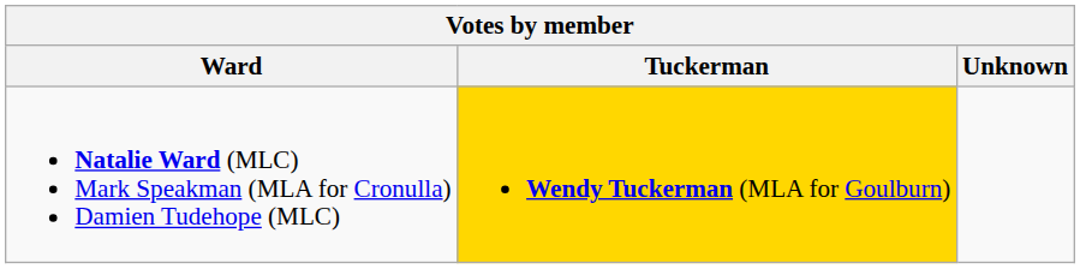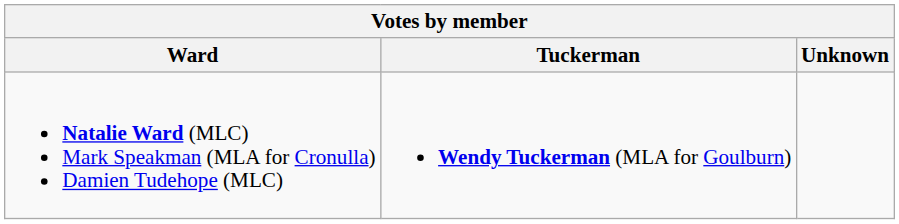 <table class="wikitable">
 <tr>
 <th colspan="3">Votes by member</th>
 </tr>
 <tr>
 <th>Ward</th>
 <th>Tuckerman</th>
 <th>Unknown</th>
 </tr>
 <tr>
 <td><br><ul><li><strong><a href='#'>Natalie Ward</a></strong> (MLC)</li><li><a href='#'>Mark Speakman</a> (MLA for <a href='#'>Cronulla</a>)</li><li><a href='#'>Damien Tudehope</a> (MLC)</li></ul></td>
-<td style="background: gold;"><br><ul><li><strong><a href='#'>Wendy Tuckerman</a></strong> (MLA for <a href='#'>Goulburn</a>)</li></ul></td>
+<td><br><ul><li><strong><a href='#'>Wendy Tuckerman</a></strong> (MLA for <a href='#'>Goulburn</a>)</li></ul></td>
 <td></td>
 </tr>
 </table>
